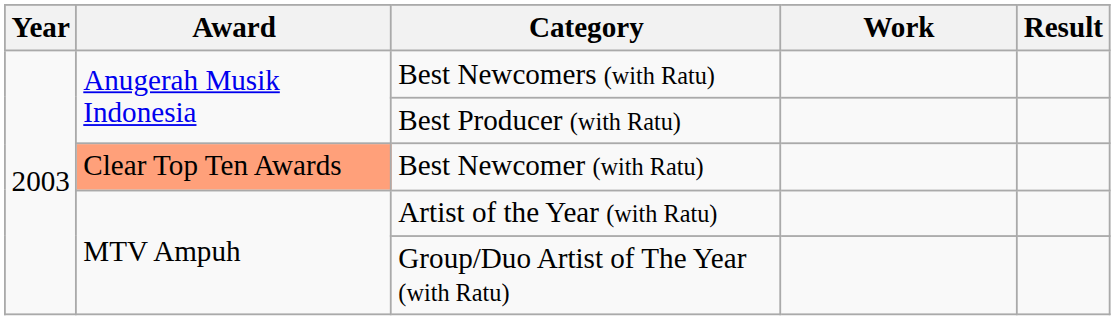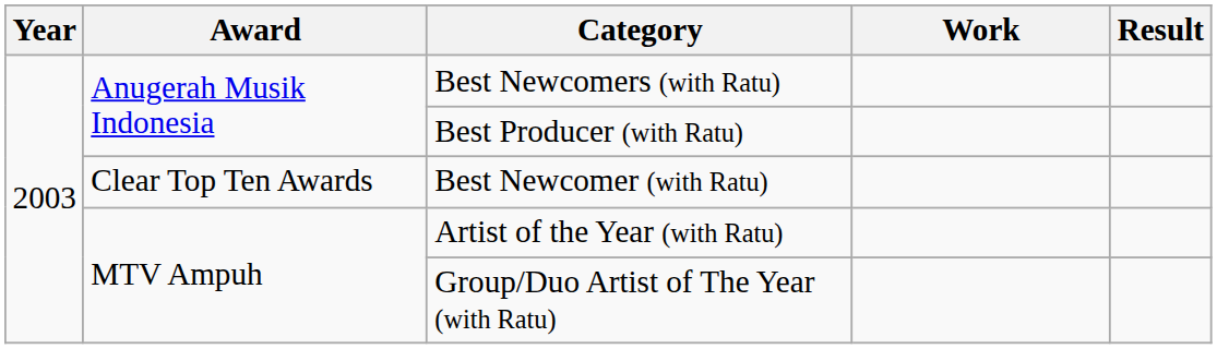 <table class="wikitable">
 <tr>
 <th>Year</th>
 <th width=200px>Award</th>
 <th width=250px>Category</th>
 <th width=150px>Work</th>
 <th>Result</th>
 </tr>
 <tr>
 <td rowspan=5>2003</td>
 <td rowspan=2><a href='#'>Anugerah Musik Indonesia</a></td>
 <td>Best Newcomers <small>(with Ratu)</small></td>
 <td></td>
 <td></td>
 </tr>
 <tr>
 <td>Best Producer <small>(with Ratu)</small></td>
 <td></td>
 <td></td>
 </tr>
 <tr>
-<td style="background: lightsalmon;">Clear Top Ten Awards</td>
+<td>Clear Top Ten Awards</td>
 <td>Best Newcomer <small>(with Ratu)</small></td>
 <td></td>
 <td></td>
 </tr>
 <tr>
 <td rowspan=2>MTV Ampuh</td>
 <td>Artist of the Year <small>(with Ratu)</small></td>
 <td></td>
 <td></td>
 </tr>
 <tr>
 <td>Group/Duo Artist of The Year <small>(with Ratu)</small></td>
 <td></td>
 <td></td>
 </tr>
 </table>
